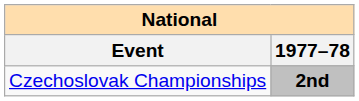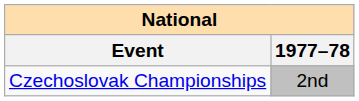 <table class="wikitable" style="text-align:center">
 <tr>
 <th style="background-color: #ffdead; " colspan=2 align=center>National</th>
 </tr>
 <tr>
 <th>Event</th>
 <th>1977–78</th>
 </tr>
 <tr>
 <td align=left><a href='#'>Czechoslovak Championships</a></td>
-<td bgcolor=silver><strong>2nd</strong></td>
+<td bgcolor=silver>2nd</td>
 </tr>
 </table>
